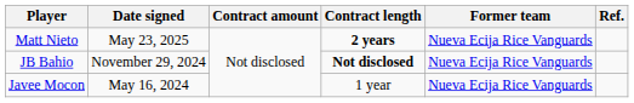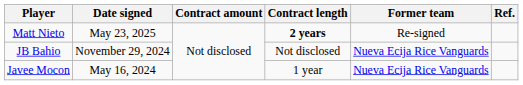 <table class="wikitable sortable sortable">
 <tr>
 <th>Player</th>
 <th>Date signed</th>
 <th>Contract amount</th>
 <th>Contract length</th>
 <th>Former team</th>
 <th>Ref.</th>
 </tr>
 <tr>
 <td align=center><a href='#'>Matt Nieto</a></td>
 <td align=center>May 23, 2025</td>
 <td align=center rowspan=3>Not disclosed</td>
 <td align=center><strong>2 years</strong></td>
-<td align=center><a href='#'>Nueva Ecija Rice Vanguards</a> </td>
+<td align=center>Re-signed</td>
 <td align=center></td>
 </tr>
 <tr>
 <td align=center><a href='#'>JB Bahio</a></td>
 <td align=center>November 29, 2024</td>
-<td align=center><strong>Not disclosed</strong></td>
+<td align=center>Not disclosed</td>
 <td align=center><a href='#'>Nueva Ecija Rice Vanguards</a> </td>
 <td align=center></td>
 </tr>
 <tr>
 <td align=center><a href='#'>Javee Mocon</a></td>
 <td align=center>May 16, 2024</td>
 <td align=center>1 year</td>
 <td align=center><a href='#'>Nueva Ecija Rice Vanguards</a> </td>
 <td align=center></td>
 </tr>
 </table>
